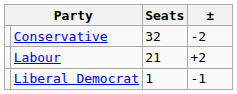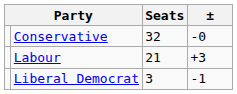 <table class="wikitable">
 <tr>
 <th colspan="2">Party</th>
 <th>Seats</th>
 <th>  ±  </th>
 </tr>
 <tr>
 <td style="background-color: "></td>
 <td><a href='#'>Conservative</a></td>
 <td>32</td>
-<td>-2</td>
+<td>-0</td>
 </tr>
 <tr>
 <td style="background-color: "></td>
 <td><a href='#'>Labour</a></td>
 <td>21</td>
-<td>+2</td>
+<td>+3</td>
 </tr>
 <tr>
 <td style="background-color: "></td>
 <td><a href='#'>Liberal Democrat</a></td>
-<td>1</td>
+<td>3</td>
 <td>-1</td>
 </tr>
 <tr>
 </tr>
 </table>
